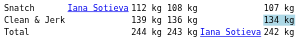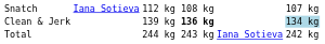 <table>
 <tr>
 <td>Snatch</td>
 <td> <a href='#'>Iana Sotieva</a> </td>
 <td>112 kg</td>
 <td></td>
 <td>108 kg</td>
 <td></td>
 <td>107 kg</td>
 </tr>
 <tr>
 <td>Clean & Jerk</td>
 <td></td>
 <td>139 kg</td>
 <td></td>
-<td>136 kg</td>
+<td><strong>136 kg</strong></td>
 <td></td>
 <td style="background: lightblue;">134 kg</td>
 </tr>
 <tr>
 <td>Total</td>
 <td></td>
 <td>244 kg</td>
 <td></td>
 <td>243 kg</td>
 <td> <a href='#'>Iana Sotieva</a> </td>
 <td>242 kg</td>
 </tr>
 </table>
